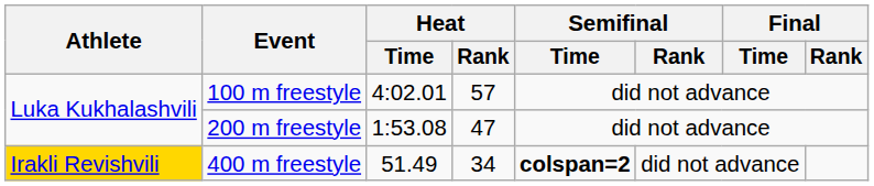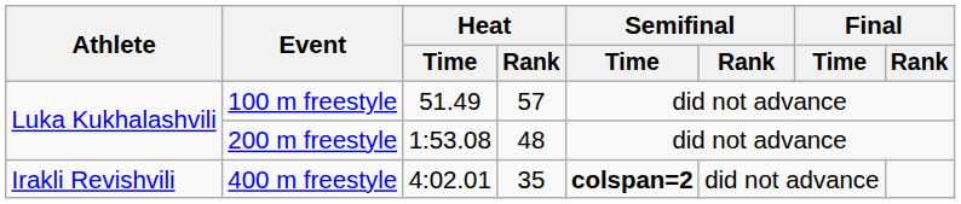 <table class="wikitable" style="text-align:center; font-size:90%">
 <tr>
 <th rowspan="2">Athlete</th>
 <th rowspan="2">Event</th>
 <th colspan="2">Heat</th>
 <th colspan="2">Semifinal</th>
 <th colspan="2">Final</th>
 </tr>
 <tr style="font-size:95%">
 <th>Time</th>
 <th>Rank</th>
 <th>Time</th>
 <th>Rank</th>
 <th>Time</th>
 <th>Rank</th>
 </tr>
 <tr>
 <td align=left rowspan=2><a href='#'>Luka Kukhalashvili</a></td>
 <td align=left><a href='#'>100 m freestyle</a></td>
-<td>4:02.01</td>
+<td>51.49</td>
 <td>57</td>
 <td colspan=4>did not advance</td>
 </tr>
 <tr>
 <td align=left><a href='#'>200 m freestyle</a></td>
 <td>1:53.08</td>
-<td>47</td>
+<td>48</td>
 <td colspan=4>did not advance</td>
 </tr>
 <tr>
-<td align=left style="background: gold;"><a href='#'>Irakli Revishvili</a></td>
+<td align=left><a href='#'>Irakli Revishvili</a></td>
 <td align=left><a href='#'>400 m freestyle</a></td>
-<td>51.49</td>
-<td>34</td>
+<td>4:02.01</td>
+<td>35</td>
 <td><strong>colspan=2 </strong></td>
 <td colspan=2>did not advance</td>
 </tr>
 </table>
